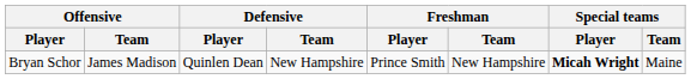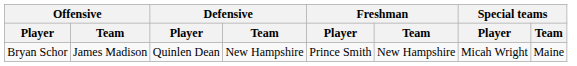 <table class="wikitable" border="1">
 <tr>
 <th colspan="2">Offensive</th>
 <th colspan="2">Defensive</th>
 <th colspan="2">Freshman</th>
 <th colspan="2">Special teams</th>
 </tr>
 <tr>
 <th>Player</th>
 <th>Team</th>
 <th>Player</th>
 <th>Team</th>
 <th>Player</th>
 <th>Team</th>
 <th>Player</th>
 <th>Team</th>
 </tr>
 <tr>
 <td>Bryan Schor</td>
 <td>James Madison</td>
 <td>Quinlen Dean</td>
 <td>New Hampshire</td>
 <td>Prince Smith</td>
 <td>New Hampshire</td>
-<td><strong>Micah Wright</strong></td>
+<td>Micah Wright</td>
 <td>Maine</td>
 </tr>
 </table>
